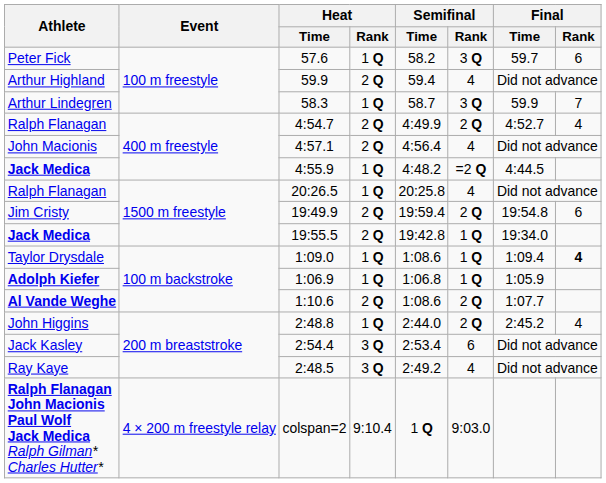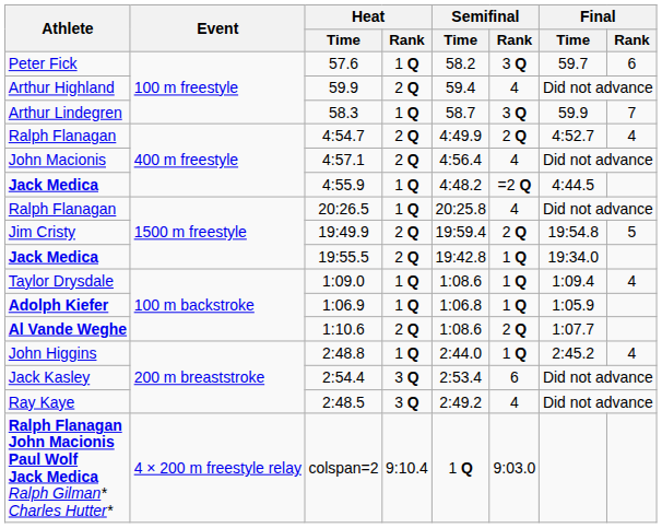 <table class=wikitable style="font-size:90%;">
 <tr>
 <th rowspan=2>Athlete</th>
 <th rowspan=2>Event</th>
 <th colspan=2>Heat</th>
 <th colspan=2>Semifinal</th>
 <th colspan=2>Final</th>
 </tr>
 <tr style="font-size:95%">
 <th>Time</th>
 <th>Rank</th>
 <th>Time</th>
 <th>Rank</th>
 <th>Time</th>
 <th>Rank</th>
 </tr>
 <tr align=center>
 <td align=left><a href='#'>Peter Fick</a></td>
 <td rowspan=3 align=left><a href='#'>100 m freestyle</a></td>
 <td>57.6 </td>
 <td>1 <strong>Q</strong></td>
 <td>58.2</td>
 <td>3 <strong>Q</strong></td>
 <td>59.7</td>
 <td>6</td>
 </tr>
 <tr align=center>
 <td align=left><a href='#'>Arthur Highland</a></td>
 <td>59.9</td>
 <td>2 <strong>Q</strong></td>
 <td>59.4</td>
 <td>4</td>
 <td colspan=2>Did not advance</td>
 </tr>
 <tr align=center>
 <td align=left><a href='#'>Arthur Lindegren</a></td>
 <td>58.3</td>
 <td>1 <strong>Q</strong></td>
 <td>58.7</td>
 <td>3 <strong>Q</strong></td>
 <td>59.9</td>
 <td>7</td>
 </tr>
 <tr align=center>
 <td align=left><a href='#'>Ralph Flanagan</a></td>
 <td rowspan=3 align=left><a href='#'>400 m freestyle</a></td>
 <td>4:54.7</td>
 <td>2 <strong>Q</strong></td>
 <td>4:49.9</td>
 <td>2 <strong>Q</strong></td>
 <td>4:52.7</td>
 <td>4</td>
 </tr>
 <tr align=center>
 <td align=left><a href='#'>John Macionis</a></td>
 <td>4:57.1</td>
 <td>2 <strong>Q</strong></td>
 <td>4:56.4</td>
 <td>4</td>
 <td colspan=2>Did not advance</td>
 </tr>
 <tr align=center>
 <td align=left><strong><a href='#'>Jack Medica</a></strong></td>
 <td>4:55.9</td>
 <td>1 <strong>Q</strong></td>
 <td>4:48.2</td>
 <td>=2 <strong>Q</strong></td>
 <td>4:44.5 </td>
 <td></td>
 </tr>
 <tr align=center>
 <td align=left><a href='#'>Ralph Flanagan</a></td>
 <td rowspan=3 align=left><a href='#'>1500 m freestyle</a></td>
 <td>20:26.5</td>
 <td>1 <strong>Q</strong></td>
 <td>20:25.8</td>
 <td>4</td>
 <td colspan=2>Did not advance</td>
 </tr>
 <tr align=center>
 <td align=left><a href='#'>Jim Cristy</a></td>
 <td>19:49.9</td>
 <td>2 <strong>Q</strong></td>
 <td>19:59.4</td>
 <td>2 <strong>Q</strong></td>
 <td>19:54.8</td>
-<td>6</td>
+<td>5</td>
 </tr>
 <tr align=center>
 <td align=left><strong><a href='#'>Jack Medica</a></strong></td>
 <td>19:55.5</td>
 <td>2 <strong>Q</strong></td>
 <td>19:42.8</td>
 <td>1 <strong>Q</strong></td>
 <td>19:34.0</td>
 <td></td>
 </tr>
 <tr align=center>
 <td align=left><a href='#'>Taylor Drysdale</a></td>
 <td rowspan=3 align=left><a href='#'>100 m backstroke</a></td>
 <td>1:09.0</td>
 <td>1 <strong>Q</strong></td>
 <td>1:08.6</td>
 <td>1 <strong>Q</strong></td>
 <td>1:09.4</td>
-<td><strong>4</strong></td>
+<td>4</td>
 </tr>
 <tr align=center>
 <td align=left><strong><a href='#'>Adolph Kiefer</a></strong></td>
 <td>1:06.9 </td>
 <td>1 <strong>Q</strong></td>
 <td>1:06.8 </td>
 <td>1 <strong>Q</strong></td>
 <td>1:05.9 </td>
 <td></td>
 </tr>
 <tr align=center>
 <td align=left><strong><a href='#'>Al Vande Weghe</a></strong></td>
 <td>1:10.6</td>
 <td>2 <strong>Q</strong></td>
 <td>1:08.6</td>
 <td>2 <strong>Q</strong></td>
 <td>1:07.7</td>
 <td></td>
 </tr>
 <tr align=center>
 <td align=left><a href='#'>John Higgins</a></td>
 <td rowspan=3 align=left><a href='#'>200 m breaststroke</a></td>
 <td>2:48.8</td>
 <td>1 <strong>Q</strong></td>
 <td>2:44.0</td>
-<td>2 <strong>Q</strong></td>
+<td>1 <strong>Q</strong></td>
 <td>2:45.2</td>
 <td>4</td>
 </tr>
 <tr align=center>
 <td align=left><a href='#'>Jack Kasley</a></td>
 <td>2:54.4</td>
 <td>3 <strong>Q</strong></td>
 <td>2:53.4</td>
 <td>6</td>
 <td colspan=2>Did not advance</td>
 </tr>
 <tr align=center>
 <td align=left><a href='#'>Ray Kaye</a></td>
 <td>2:48.5</td>
 <td>3 <strong>Q</strong></td>
 <td>2:49.2</td>
 <td>4</td>
 <td colspan=2>Did not advance</td>
 </tr>
 <tr align=center>
 <td align=left><strong><a href='#'>Ralph Flanagan</a><br><a href='#'>John Macionis</a><br><a href='#'>Paul Wolf</a><br><a href='#'>Jack Medica</a></strong><br><em><a href='#'>Ralph Gilman</a>*<br><a href='#'>Charles Hutter</a>*</em></td>
 <td align=left><a href='#'>4 × 200 m freestyle relay</a></td>
 <td>colspan=2 </td>
 <td>9:10.4</td>
 <td>1 <strong>Q</strong></td>
 <td>9:03.0</td>
 <td></td>
 </tr>
 </table>
